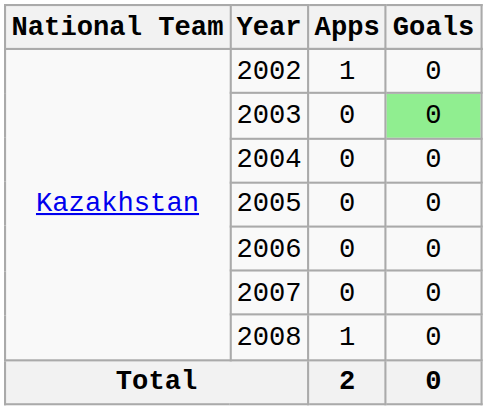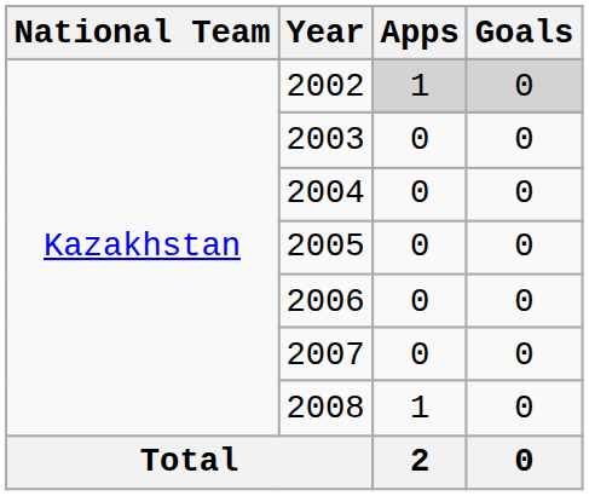 <table class="wikitable" style="text-align:center">
 <tr>
 <th>National Team</th>
 <th>Year</th>
 <th>Apps</th>
 <th>Goals</th>
 </tr>
 <tr>
 <td rowspan="8"><a href='#'>Kazakhstan</a></td>
 </tr>
 <tr>
 <td>2002</td>
-<td>1</td>
-<td>0</td>
+<td style="background: lightgrey;">1</td>
+<td style="background: lightgrey;">0</td>
 </tr>
 <tr>
 <td>2003</td>
 <td>0</td>
-<td style="background: lightgreen;">0</td>
+<td>0</td>
 </tr>
 <tr>
 <td>2004</td>
 <td>0</td>
 <td>0</td>
 </tr>
 <tr>
 <td>2005</td>
 <td>0</td>
 <td>0</td>
 </tr>
 <tr>
 <td>2006</td>
 <td>0</td>
 <td>0</td>
 </tr>
 <tr>
 <td>2007</td>
 <td>0</td>
 <td>0</td>
 </tr>
 <tr>
 <td>2008</td>
 <td>1</td>
 <td>0</td>
 </tr>
 <tr>
 <th colspan=2>Total</th>
 <th>2</th>
 <th>0</th>
 </tr>
 </table>
